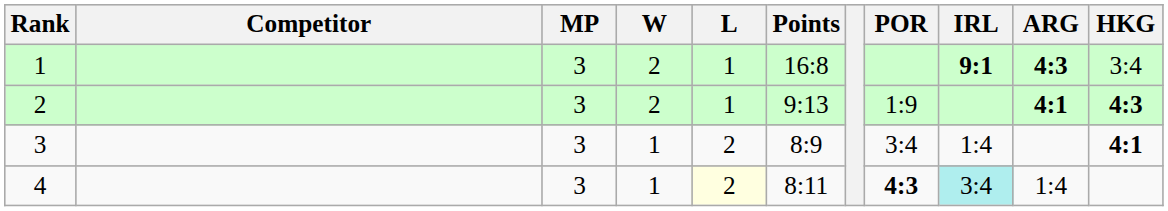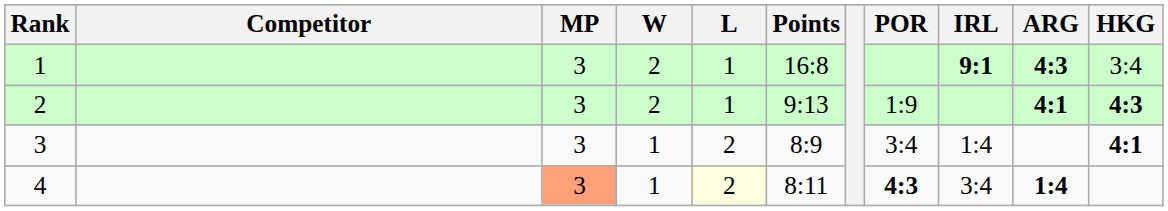 <table class="wikitable" style="text-align:center">
 <tr>
 <th>Rank</th>
 <th style="width:18em">Competitor</th>
 <th style="width:2.5em">MP</th>
 <th style="width:2.5em">W</th>
 <th style="width:2.5em">L</th>
 <th>Points</th>
 <th rowspan="5"> </th>
 <th style="width:2.5em">POR</th>
 <th style="width:2.5em">IRL</th>
 <th style="width:2.5em">ARG</th>
 <th style="width:2.5em">HKG</th>
 </tr>
 <tr style="background:#cfc;">
 <td>1</td>
 <td style="text-align:left"></td>
 <td>3</td>
 <td>2</td>
 <td>1</td>
 <td>16:8</td>
 <td></td>
 <td><strong>9:1</strong></td>
 <td><strong>4:3</strong></td>
 <td>3:4</td>
 </tr>
 <tr style="background:#cfc;">
 <td>2</td>
 <td style="text-align:left"></td>
 <td>3</td>
 <td>2</td>
 <td>1</td>
 <td>9:13</td>
 <td>1:9</td>
 <td></td>
 <td><strong>4:1</strong></td>
 <td><strong>4:3</strong></td>
 </tr>
 <tr>
 <td>3</td>
 <td style="text-align:left"></td>
 <td>3</td>
 <td>1</td>
 <td>2</td>
 <td>8:9</td>
 <td>3:4</td>
 <td>1:4</td>
 <td></td>
 <td><strong>4:1</strong></td>
 </tr>
 <tr>
 <td>4</td>
 <td style="text-align:left"></td>
-<td>3</td>
+<td style="background: lightsalmon;">3</td>
 <td>1</td>
 <td style="background: lightyellow;">2</td>
 <td>8:11</td>
 <td><strong>4:3</strong></td>
-<td style="background: paleturquoise;">3:4</td>
-<td>1:4</td>
+<td>3:4</td>
+<td><strong>1:4</strong></td>
 <td></td>
 </tr>
 </table>
